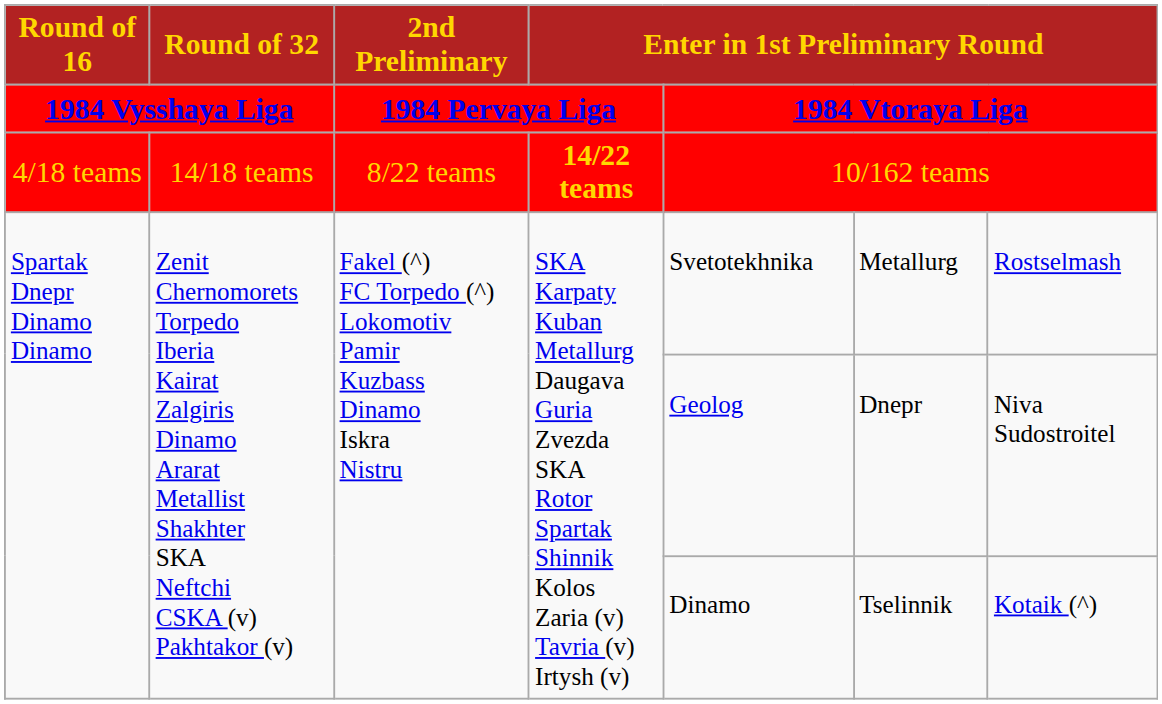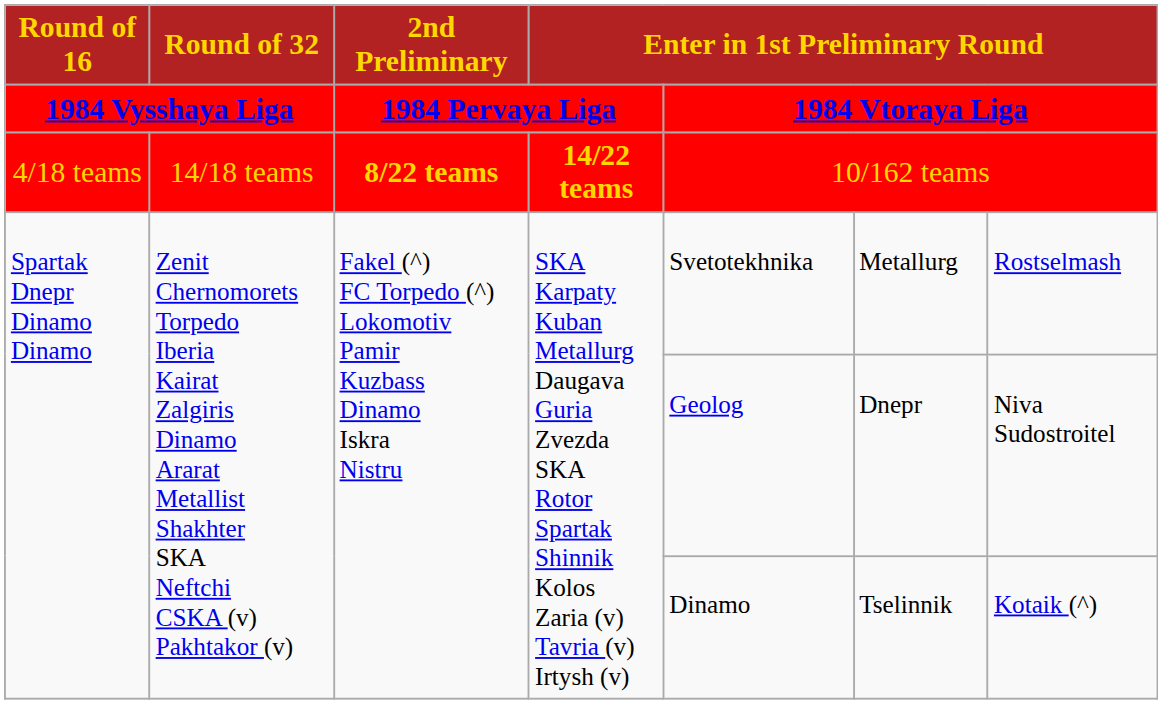 <table class="wikitable" style="width:100%;">
 <tr style="background:Firebrick; text-align:center;">
 <td style="width:10%; color:Gold" colspan="1"><strong>Round of 16</strong></td>
 <td style="width:10%; color:Gold" colspan="1"><strong>Round of 32</strong></td>
 <td style="width:10%; color:Gold" colspan="1"><strong>2nd Preliminary</strong></td>
 <td style="width:65%; color:Gold" colspan="4"><strong>Enter in 1st Preliminary Round</strong></td>
 </tr>
 <tr style="background:Red;">
 <td style="text-align:center; width:8%; color:Gold" colspan=2><strong><a href='#'><span>1984 Vysshaya Liga</span></a></strong></td>
 <td style="text-align:center; width:8%; color:Gold" colspan=2><strong><a href='#'><span>1984 Pervaya Liga</span></a></strong></td>
 <td style="text-align:center; width:30%; color:Gold" colspan=3><strong><a href='#'><span>1984 Vtoraya Liga</span></a></strong></td>
 </tr>
 <tr style="background:Red;">
 <td style="text-align:center; width:8%; color:Gold">4/18 teams</td>
 <td style="text-align:center; width:8%; color:Gold">14/18 teams</td>
-<td style="text-align:center; width:8%; color:Gold">8/22 teams</td>
+<td style="text-align:center; width:8%; color:Gold"><strong>8/22 teams</strong></td>
 <td style="text-align:center; width:8%; color:Gold"><strong>14/22 teams</strong></td>
 <td style="text-align:center; width:8%; color:Gold" colspan=3>10/162 teams</td>
 </tr>
 <tr style="vertical-align:top; font-size:85%;">
 <td rowspan=3><br> <a href='#'>Spartak </a><br>  <a href='#'>Dnepr </a><br>  <a href='#'>Dinamo </a><br>  <a href='#'>Dinamo </a></td>
 <td rowspan=3><br> <a href='#'>Zenit </a><br>  <a href='#'>Chernomorets </a><br>  <a href='#'>Torpedo </a><br>  <a href='#'>Iberia </a><br>  <a href='#'>Kairat </a><br>  <a href='#'>Zalgiris </a><br>  <a href='#'>Dinamo </a><br>  <a href='#'>Ararat </a><br>  <a href='#'>Metallist </a><br>  <a href='#'>Shakhter </a><br>  SKA <br>  <a href='#'>Neftchi </a><br>  <a href='#'>CSKA </a> (v)<br>  <a href='#'>Pakhtakor </a> (v)</td>
 <td rowspan=3><br> <a href='#'>Fakel </a> (^)<br>  <a href='#'>FC Torpedo </a> (^)<br>  <a href='#'>Lokomotiv </a><br>  <a href='#'>Pamir </a><br>  <a href='#'>Kuzbass </a><br>  <a href='#'>Dinamo </a><br>  Iskra <br>  <a href='#'>Nistru </a></td>
 <td rowspan=3><br> <a href='#'>SKA Karpaty </a><br>  <a href='#'>Kuban </a><br>  <a href='#'>Metallurg </a><br>  Daugava <br>  <a href='#'>Guria </a><br>  Zvezda <br>  SKA <br>  <a href='#'>Rotor </a><br>  <a href='#'>Spartak </a><br>  <a href='#'>Shinnik </a><br>  Kolos <br>  Zaria  (v)<br>  <a href='#'>Tavria </a> (v)<br>  Irtysh  (v)</td>
 <td><br> Svetotekhnika <br></td>
 <td><br> Metallurg <br></td>
 <td><br> <a href='#'>Rostselmash </a><br></td>
 </tr>
 <tr style="vertical-align:top; font-size:85%;">
 <td><br> <a href='#'>Geolog </a><br></td>
 <td><br> Dnepr <br></td>
 <td><br> Niva <br>  Sudostroitel <br></td>
 </tr>
 <tr style="vertical-align:top; font-size:85%;">
 <td><br> Dinamo <br></td>
 <td><br> Tselinnik <br></td>
 <td><br> <a href='#'>Kotaik </a> (^)<br></td>
 </tr>
 </table>
